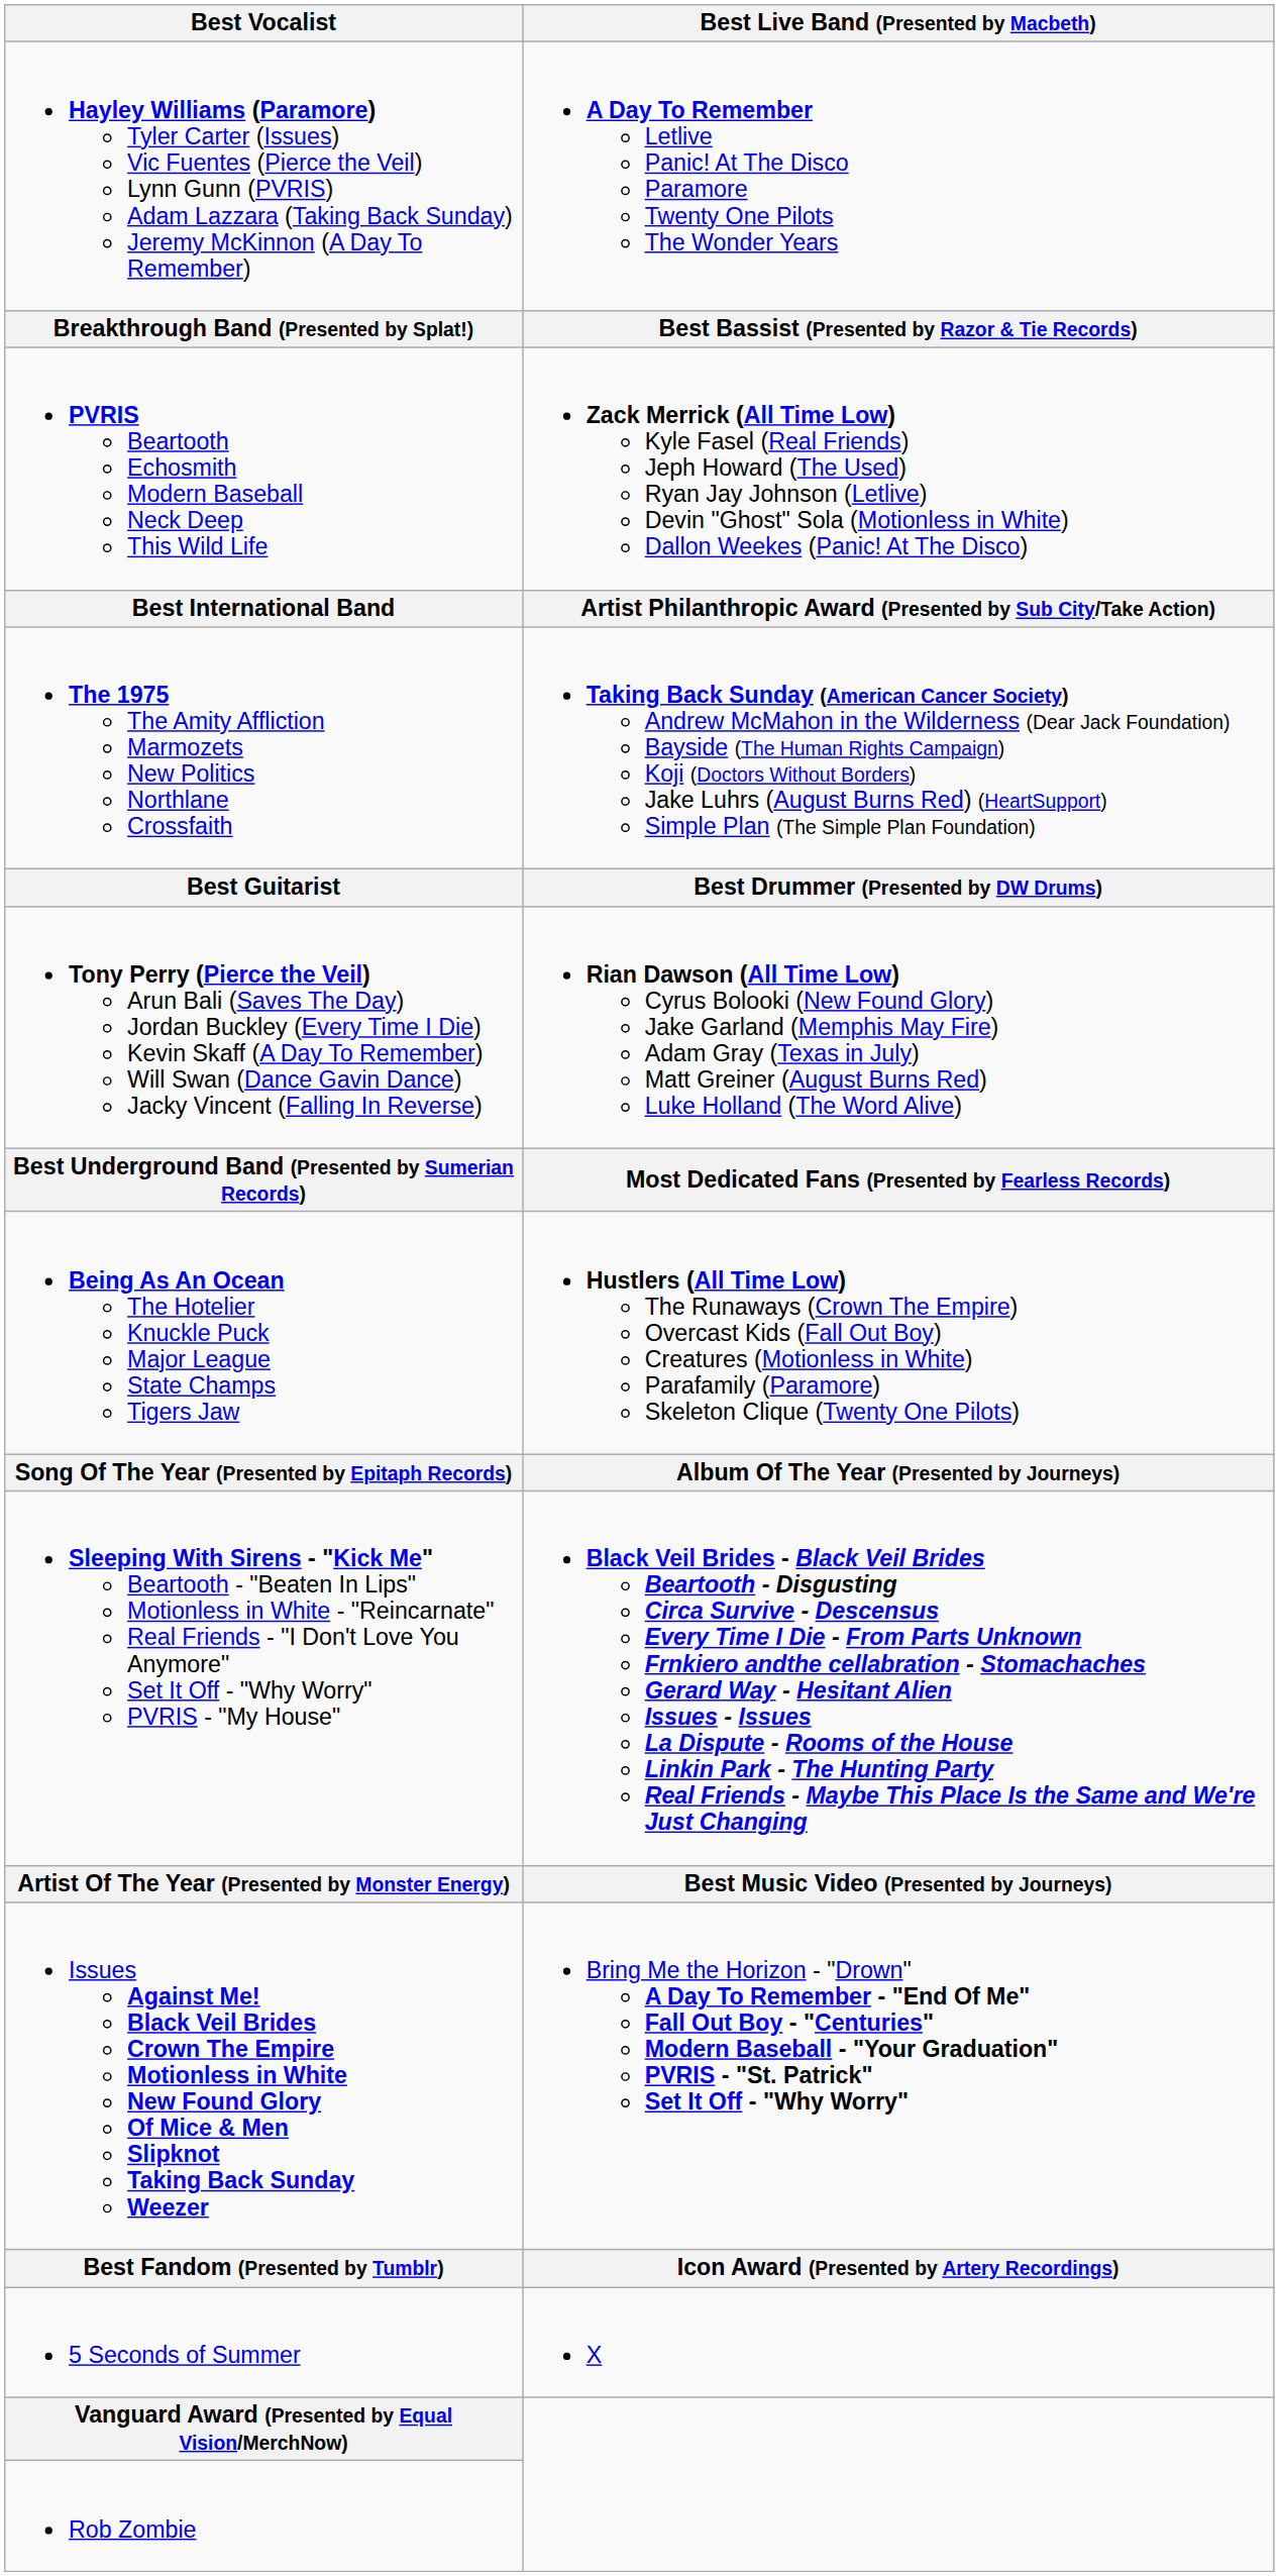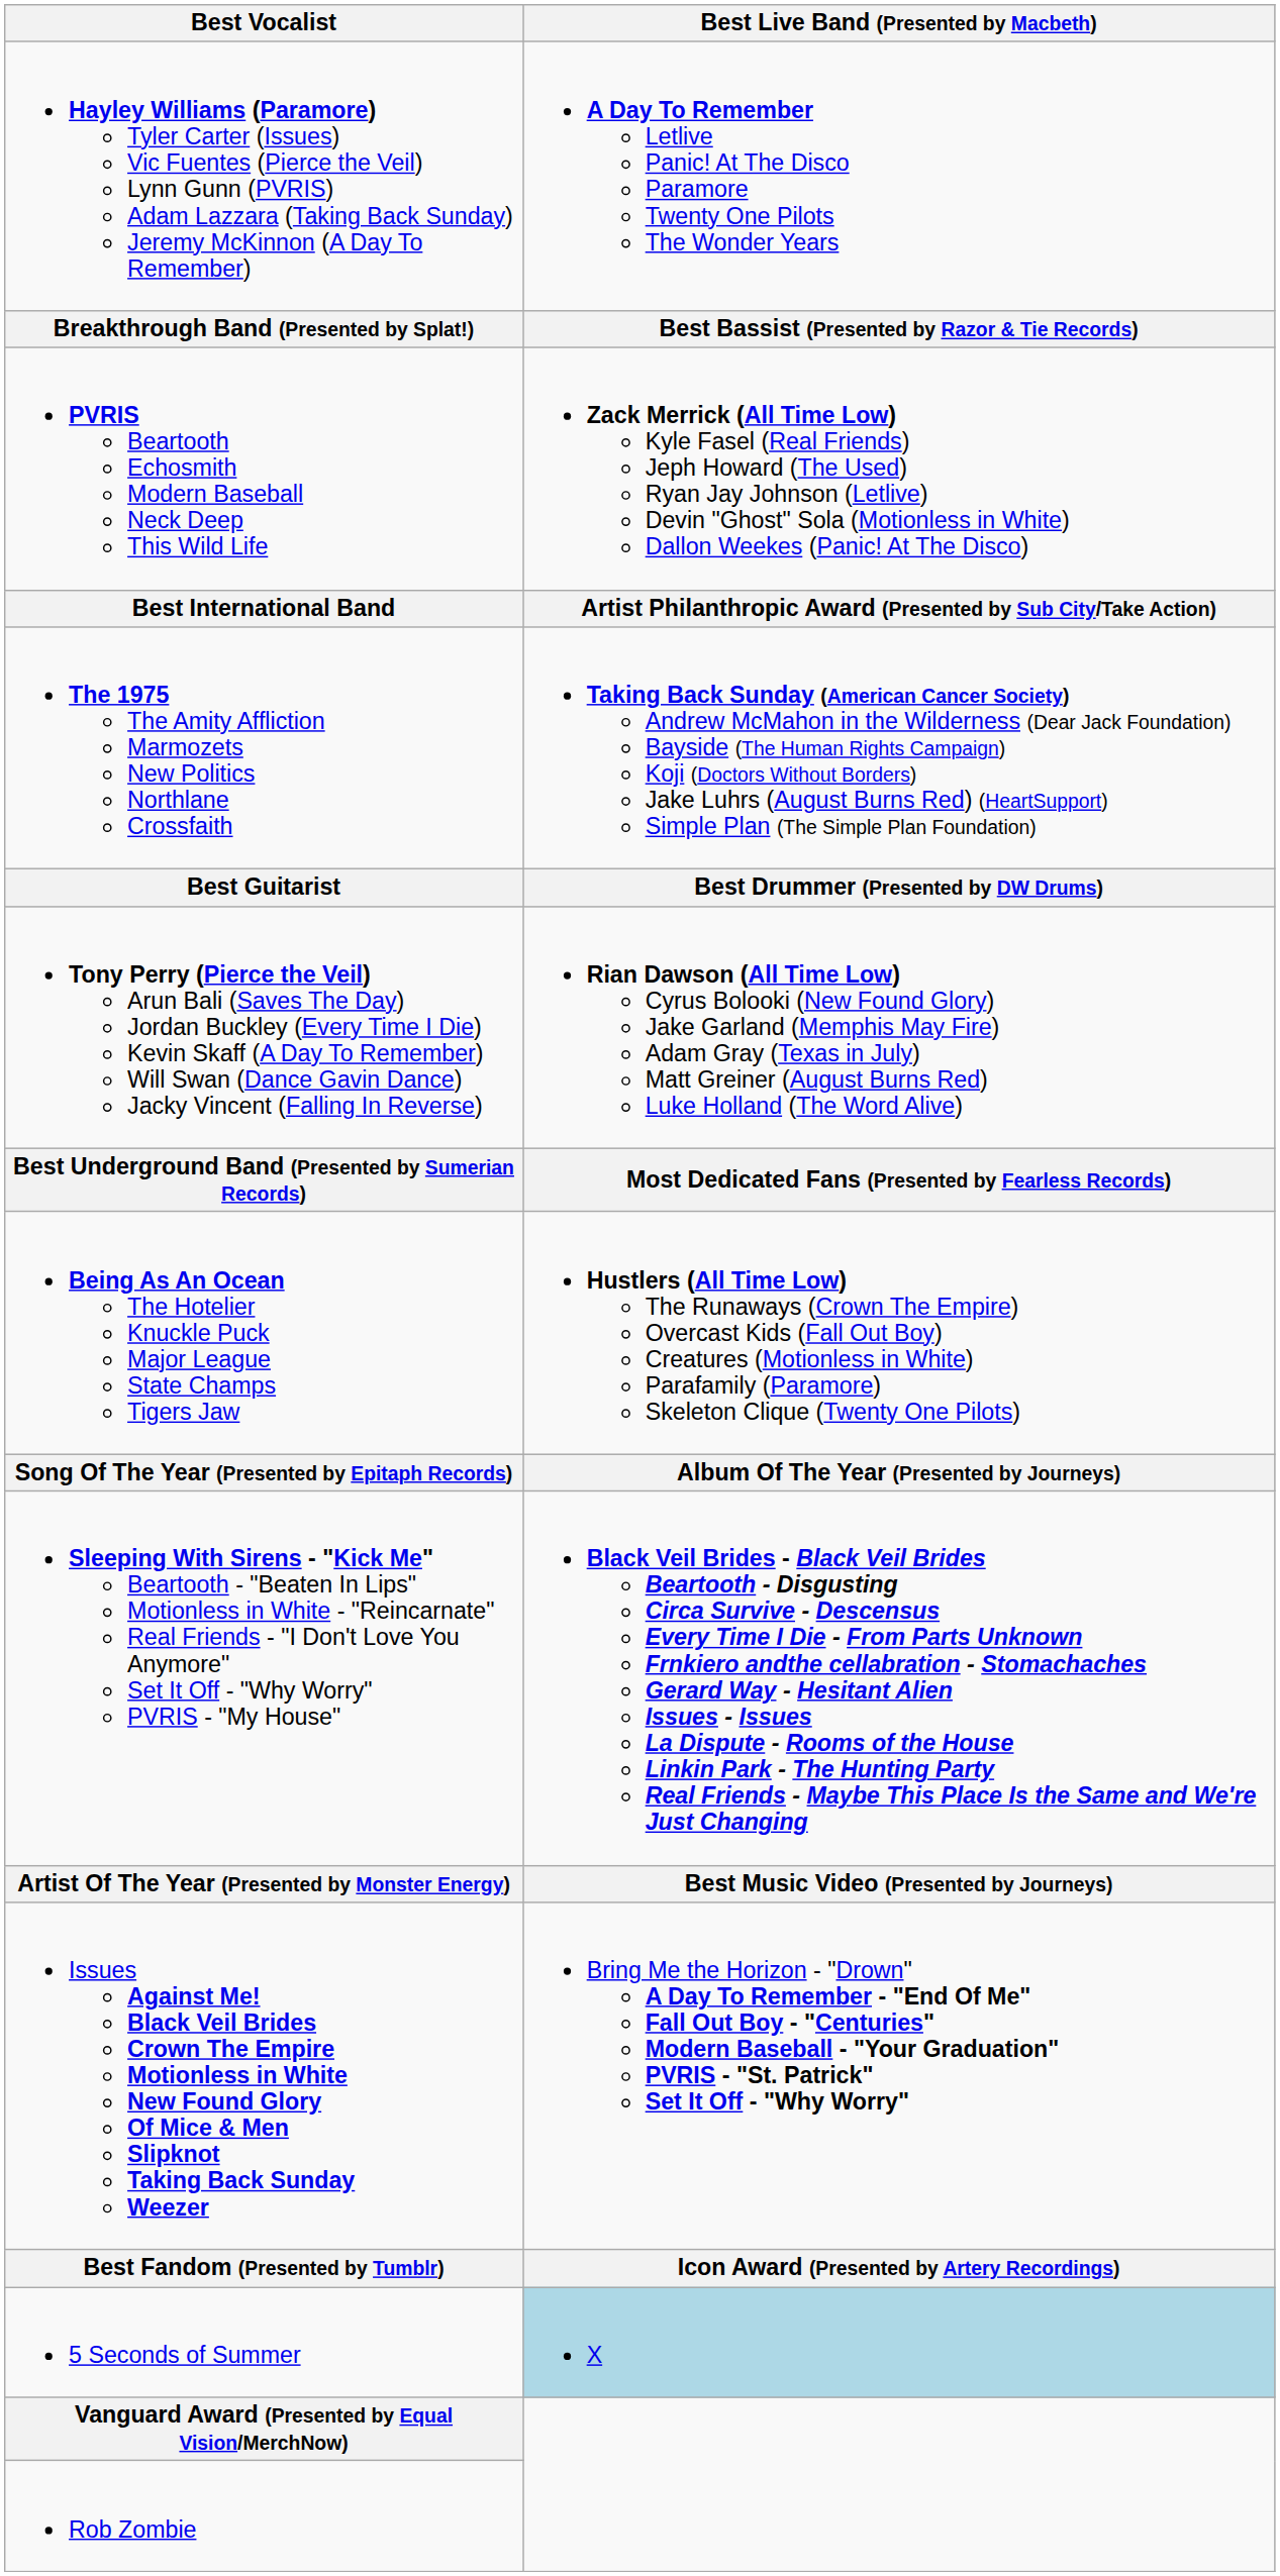 <table class="wikitable">
 <tr>
 <th>Best Vocalist</th>
 <th>Best Live Band <small>(Presented by <a href='#'>Macbeth</a>)</small></th>
 </tr>
 <tr>
 <td valign="top"><br><ul><li><strong><a href='#'>Hayley Williams</a> (<a href='#'>Paramore</a>)</strong><ul><li><a href='#'>Tyler Carter</a> (<a href='#'>Issues</a>)</li><li><a href='#'>Vic Fuentes</a> (<a href='#'>Pierce the Veil</a>)</li><li>Lynn Gunn (<a href='#'>PVRIS</a>)</li><li><a href='#'>Adam Lazzara</a> (<a href='#'>Taking Back Sunday</a>)</li><li><a href='#'>Jeremy McKinnon</a> (<a href='#'>A Day To Remember</a>)</li></ul></li></ul></td>
 <td valign="top"><br><ul><li><strong><a href='#'>A Day To Remember</a></strong><ul><li><a href='#'>Letlive</a></li><li><a href='#'>Panic! At The Disco</a></li><li><a href='#'>Paramore</a></li><li><a href='#'>Twenty One Pilots</a></li><li><a href='#'>The Wonder Years</a></li></ul></li></ul></td>
 </tr>
 <tr>
 <th>Breakthrough Band <small>(Presented by Splat!)</small></th>
 <th>Best Bassist <small>(Presented by <a href='#'>Razor & Tie Records</a>)</small></th>
 </tr>
 <tr>
 <td valign="top"><br><ul><li><strong><a href='#'>PVRIS</a></strong><ul><li><a href='#'>Beartooth</a></li><li><a href='#'>Echosmith</a></li><li><a href='#'>Modern Baseball</a></li><li><a href='#'>Neck Deep</a></li><li><a href='#'>This Wild Life</a></li></ul></li></ul></td>
 <td valign="top"><br><ul><li><strong>Zack Merrick (<a href='#'>All Time Low</a>)</strong><ul><li>Kyle Fasel (<a href='#'>Real Friends</a>)</li><li>Jeph Howard (<a href='#'>The Used</a>)</li><li>Ryan Jay Johnson (<a href='#'>Letlive</a>)</li><li>Devin "Ghost" Sola (<a href='#'>Motionless in White</a>)</li><li><a href='#'>Dallon Weekes</a> (<a href='#'>Panic! At The Disco</a>)</li></ul></li></ul></td>
 </tr>
 <tr>
 <th>Best International Band</th>
 <th>Artist Philanthropic Award <small>(Presented by <a href='#'>Sub City</a>/Take Action)</small></th>
 </tr>
 <tr>
 <td valign="top"><br><ul><li><strong><a href='#'>The 1975</a></strong><ul><li><a href='#'>The Amity Affliction</a></li><li><a href='#'>Marmozets</a></li><li><a href='#'>New Politics</a></li><li><a href='#'>Northlane</a></li><li><a href='#'>Crossfaith</a></li></ul></li></ul></td>
 <td valign="top"><br><ul><li><strong><a href='#'>Taking Back Sunday</a> <small>(<a href='#'>American Cancer Society</a>)</small></strong><ul><li><a href='#'>Andrew McMahon in the Wilderness</a> <small>(Dear Jack Foundation)</small></li><li><a href='#'>Bayside</a> <small>(<a href='#'>The Human Rights Campaign</a>)</small></li><li><a href='#'>Koji</a> <small>(<a href='#'>Doctors Without Borders</a>)</small></li><li>Jake Luhrs (<a href='#'>August Burns Red</a>) <small>(<a href='#'>HeartSupport</a>)</small></li><li><a href='#'>Simple Plan</a> <small>(The Simple Plan Foundation)</small></li></ul></li></ul></td>
 </tr>
 <tr>
 <th>Best Guitarist</th>
 <th>Best Drummer <small>(Presented by <a href='#'>DW Drums</a>)</small></th>
 </tr>
 <tr>
 <td valign="top"><br><ul><li><strong>Tony Perry (<a href='#'>Pierce the Veil</a>)</strong><ul><li>Arun Bali (<a href='#'>Saves The Day</a>)</li><li>Jordan Buckley (<a href='#'>Every Time I Die</a>)</li><li>Kevin Skaff (<a href='#'>A Day To Remember</a>)</li><li>Will Swan (<a href='#'>Dance Gavin Dance</a>)</li><li>Jacky Vincent (<a href='#'>Falling In Reverse</a>)</li></ul></li></ul></td>
 <td valign="top"><br><ul><li><strong>Rian Dawson (<a href='#'>All Time Low</a>)</strong><ul><li>Cyrus Bolooki (<a href='#'>New Found Glory</a>)</li><li>Jake Garland (<a href='#'>Memphis May Fire</a>)</li><li>Adam Gray (<a href='#'>Texas in July</a>)</li><li>Matt Greiner (<a href='#'>August Burns Red</a>)</li><li><a href='#'>Luke Holland</a> (<a href='#'>The Word Alive</a>)</li></ul></li></ul></td>
 </tr>
 <tr>
 <th>Best Underground Band <small>(Presented by <a href='#'>Sumerian Records</a>)</small></th>
 <th>Most Dedicated Fans <small>(Presented by <a href='#'>Fearless Records</a>)</small></th>
 </tr>
 <tr>
 <td valign="top"><br><ul><li><strong><a href='#'>Being As An Ocean</a></strong><ul><li><a href='#'>The Hotelier</a></li><li><a href='#'>Knuckle Puck</a></li><li><a href='#'>Major League</a></li><li><a href='#'>State Champs</a></li><li><a href='#'>Tigers Jaw</a></li></ul></li></ul></td>
 <td valign="top"><br><ul><li><strong>Hustlers (<a href='#'>All Time Low</a>)</strong><ul><li>The Runaways (<a href='#'>Crown The Empire</a>)</li><li>Overcast Kids (<a href='#'>Fall Out Boy</a>)</li><li>Creatures (<a href='#'>Motionless in White</a>)</li><li>Parafamily (<a href='#'>Paramore</a>)</li><li>Skeleton Clique (<a href='#'>Twenty One Pilots</a>)</li></ul></li></ul></td>
 </tr>
 <tr>
 <th>Song Of The Year <small>(Presented by <a href='#'>Epitaph Records</a>)</small></th>
 <th>Album Of The Year <small>(Presented by Journeys)</small></th>
 </tr>
 <tr>
 <td valign="top"><br><ul><li><strong><a href='#'>Sleeping With Sirens</a> - "<a href='#'>Kick Me</a>" </strong><ul><li><a href='#'>Beartooth</a> - "Beaten In Lips"</li><li><a href='#'>Motionless in White</a> - "Reincarnate"</li><li><a href='#'>Real Friends</a> - "I Don't Love You Anymore"</li><li><a href='#'>Set It Off</a> - "Why Worry"</li><li><a href='#'>PVRIS</a> - "My House"</li></ul></li></ul></td>
 <td valign="top"><br><ul><li><strong><a href='#'>Black Veil Brides</a> - <em><a href='#'>Black Veil Brides</a><strong><em><ul><li><a href='#'>Beartooth</a> - </em>Disgusting<em></li><li><a href='#'>Circa Survive</a> - </em><a href='#'>Descensus</a><em></li><li><a href='#'>Every Time I Die</a> - </em><a href='#'>From Parts Unknown</a><em></li><li><a href='#'>Frnkiero andthe cellabration</a> - </em><a href='#'>Stomachaches</a><em></li><li><a href='#'>Gerard Way</a> - </em><a href='#'>Hesitant Alien</a><em></li><li><a href='#'>Issues</a> - </em><a href='#'>Issues</a><em></li><li><a href='#'>La Dispute</a> - </em><a href='#'>Rooms of the House</a><em></li><li><a href='#'>Linkin Park</a> - </em><a href='#'>The Hunting Party</a><em></li><li><a href='#'>Real Friends</a> - </em><a href='#'>Maybe This Place Is the Same and We're Just Changing</a><em></li></ul></li></ul></td>
 </tr>
 <tr>
 <th>Artist Of The Year <small>(Presented by <a href='#'>Monster Energy</a>)</small></th>
 <th>Best Music Video <small>(Presented by Journeys)</small></th>
 </tr>
 <tr>
 <td valign="top"><br><ul><li></strong><a href='#'>Issues</a><strong><ul><li><a href='#'>Against Me!</a></li><li><a href='#'>Black Veil Brides</a></li><li><a href='#'>Crown The Empire</a></li><li><a href='#'>Motionless in White</a></li><li><a href='#'>New Found Glory</a></li><li><a href='#'>Of Mice & Men</a></li><li><a href='#'>Slipknot</a></li><li><a href='#'>Taking Back Sunday</a></li><li><a href='#'>Weezer</a></li></ul></li></ul></td>
 <td valign="top"><br><ul><li></strong><a href='#'>Bring Me the Horizon</a> - "<a href='#'>Drown</a>" <strong><ul><li><a href='#'>A Day To Remember</a> - "End Of Me"</li><li><a href='#'>Fall Out Boy</a> - "<a href='#'>Centuries</a>"</li><li><a href='#'>Modern Baseball</a> - "Your Graduation"</li><li><a href='#'>PVRIS</a> - "St. Patrick"</li><li><a href='#'>Set It Off</a> - "Why Worry"</li></ul></li></ul></td>
 </tr>
 <tr>
 <th>Best Fandom <small>(Presented by <a href='#'>Tumblr</a>)</small></th>
 <th>Icon Award <small>(Presented by <a href='#'>Artery Recordings</a>)</small></th>
 </tr>
 <tr>
 <td valign="top"><br><ul><li></strong><a href='#'>5 Seconds of Summer</a><strong></li></ul></td>
-<td valign="top"><br><ul><li></strong><a href='#'>X</a><strong></li></ul></td>
+<td valign="top" style="background: lightblue;"><br><ul><li></strong><a href='#'>X</a><strong></li></ul></td>
 </tr>
 <tr>
 <th>Vanguard Award <small>(Presented by <a href='#'>Equal Vision</a>/MerchNow)</small></th>
 </tr>
 <tr>
 <td valign="top"><br><ul><li></strong><a href='#'>Rob Zombie</a><strong></li></ul></td>
 </tr>
 </table>
